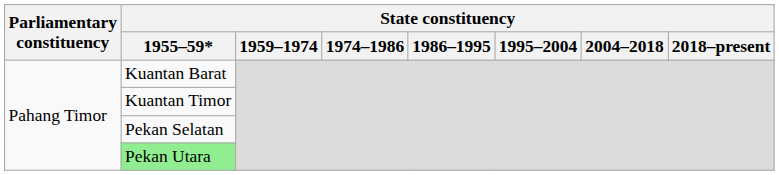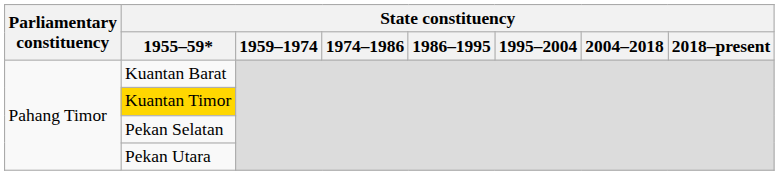 <table class="wikitable">
 <tr>
 <th rowspan="2">Parliamentary<br>constituency</th>
 <th colspan="7">State constituency</th>
 </tr>
 <tr>
 <th>1955–59*</th>
 <th>1959–1974</th>
 <th>1974–1986</th>
 <th>1986–1995</th>
 <th>1995–2004</th>
 <th>2004–2018</th>
 <th>2018–present</th>
 </tr>
 <tr>
 <td rowspan="4">Pahang Timor</td>
 <td>Kuantan Barat</td>
 <td colspan="6" rowspan="4" bgcolor="dcdcdc"></td>
 </tr>
 <tr>
-<td>Kuantan Timor</td>
+<td style="background: gold;">Kuantan Timor</td>
 </tr>
 <tr>
 <td>Pekan Selatan</td>
 </tr>
 <tr>
-<td style="background: lightgreen;">Pekan Utara</td>
+<td>Pekan Utara</td>
 </tr>
 </table>
